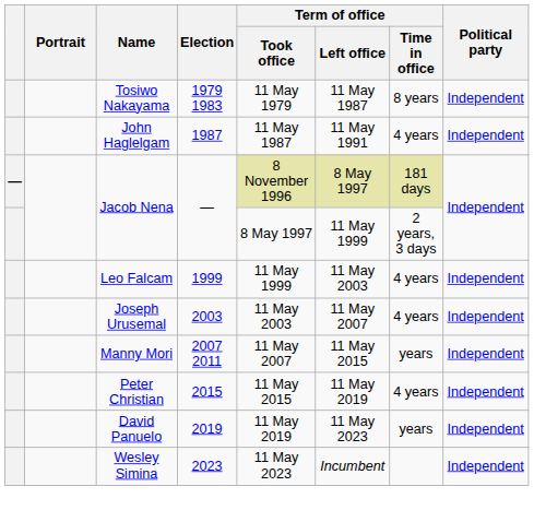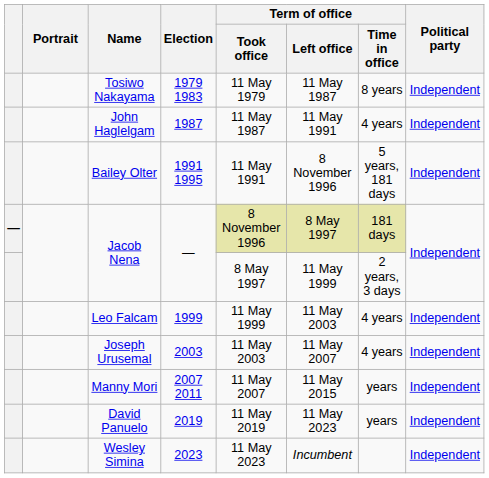 <table class="wikitable" style="text-align:center">
 <tr>
 <th rowspan="2"></th>
 <th rowspan="2" style="width:75px;">Portrait</th>
 <th rowspan="2">Name<br></th>
 <th rowspan="2">Election</th>
 <th colspan="3">Term of office</th>
 <th rowspan="2">Political party</th>
 </tr>
 <tr>
 <th>Took office</th>
 <th>Left office</th>
 <th>Time in office</th>
 </tr>
 <tr>
 <th style="background:"></th>
 <td></td>
 <td><a href='#'>Tosiwo Nakayama</a><br></td>
 <td><a href='#'>1979</a><br><a href='#'>1983</a></td>
 <td>11 May 1979</td>
 <td>11 May 1987</td>
 <td>8 years</td>
 <td><a href='#'>Independent</a></td>
 </tr>
 <tr>
 <th style="background:"></th>
 <td></td>
 <td><a href='#'>John Haglelgam</a><br></td>
 <td><a href='#'>1987</a></td>
 <td>11 May 1987</td>
 <td>11 May 1991</td>
 <td>4 years</td>
+<td><a href='#'>Independent</a></td>
+</tr>
+<tr>
+<th style="background:"></th>
+<td></td>
+<td><a href='#'>Bailey Olter</a><br></td>
+<td><a href='#'>1991</a><br><a href='#'>1995</a></td>
+<td>11 May 1991</td>
+<td>8 November 1996</td>
+<td>5 years,<br>181 days</td>
 <td><a href='#'>Independent</a></td>
 </tr>
 <tr>
 <th style="background:">—</th>
 <td rowspan="2"></td>
 <td rowspan="2"><a href='#'>Jacob Nena</a><br></td>
 <td rowspan="2">—</td>
 <td style="background:#e6e6aa;">8 November 1996</td>
 <td style="background:#e6e6aa;">8 May 1997</td>
 <td style="background:#e6e6aa;">181 days</td>
 <td rowspan="2"><a href='#'>Independent</a></td>
 </tr>
 <tr>
 <th style="background:"></th>
 <td>8 May 1997</td>
 <td>11 May 1999</td>
 <td>2 years,<br>3 days</td>
 </tr>
 <tr>
 <th style="background:"></th>
 <td></td>
 <td><a href='#'>Leo Falcam</a><br></td>
 <td><a href='#'>1999</a></td>
 <td>11 May 1999</td>
 <td>11 May 2003</td>
 <td>4 years</td>
 <td><a href='#'>Independent</a></td>
 </tr>
 <tr>
 <th style="background:"></th>
 <td></td>
 <td><a href='#'>Joseph Urusemal</a><br></td>
 <td><a href='#'>2003</a></td>
 <td>11 May 2003</td>
 <td>11 May 2007</td>
 <td>4 years</td>
 <td><a href='#'>Independent</a></td>
 </tr>
 <tr>
 <th style="background:"></th>
 <td></td>
 <td><a href='#'>Manny Mori</a><br></td>
 <td><a href='#'>2007</a><br><a href='#'>2011</a></td>
 <td>11 May 2007</td>
 <td>11 May 2015</td>
 <td> years</td>
 <td><a href='#'>Independent</a></td>
 </tr>
 <tr>
 <th style="background:"></th>
 <td></td>
-<td><a href='#'>Peter Christian</a><br></td>
-<td><a href='#'>2015</a></td>
-<td>11 May 2015</td>
-<td>11 May 2019</td>
-<td>4 years</td>
-<td><a href='#'>Independent</a></td>
-</tr>
-<tr>
-<th style="background:"></th>
-<td></td>
 <td><a href='#'>David Panuelo</a><br></td>
 <td><a href='#'>2019</a></td>
 <td>11 May 2019</td>
 <td>11 May 2023</td>
 <td> years</td>
 <td><a href='#'>Independent</a></td>
 </tr>
 <tr>
 <th style="background:"></th>
 <td></td>
 <td><a href='#'>Wesley Simina</a><br></td>
 <td><a href='#'>2023</a></td>
 <td>11 May 2023</td>
 <td><em>Incumbent</em></td>
 <td></td>
 <td><a href='#'>Independent</a></td>
 </tr>
 </table>
